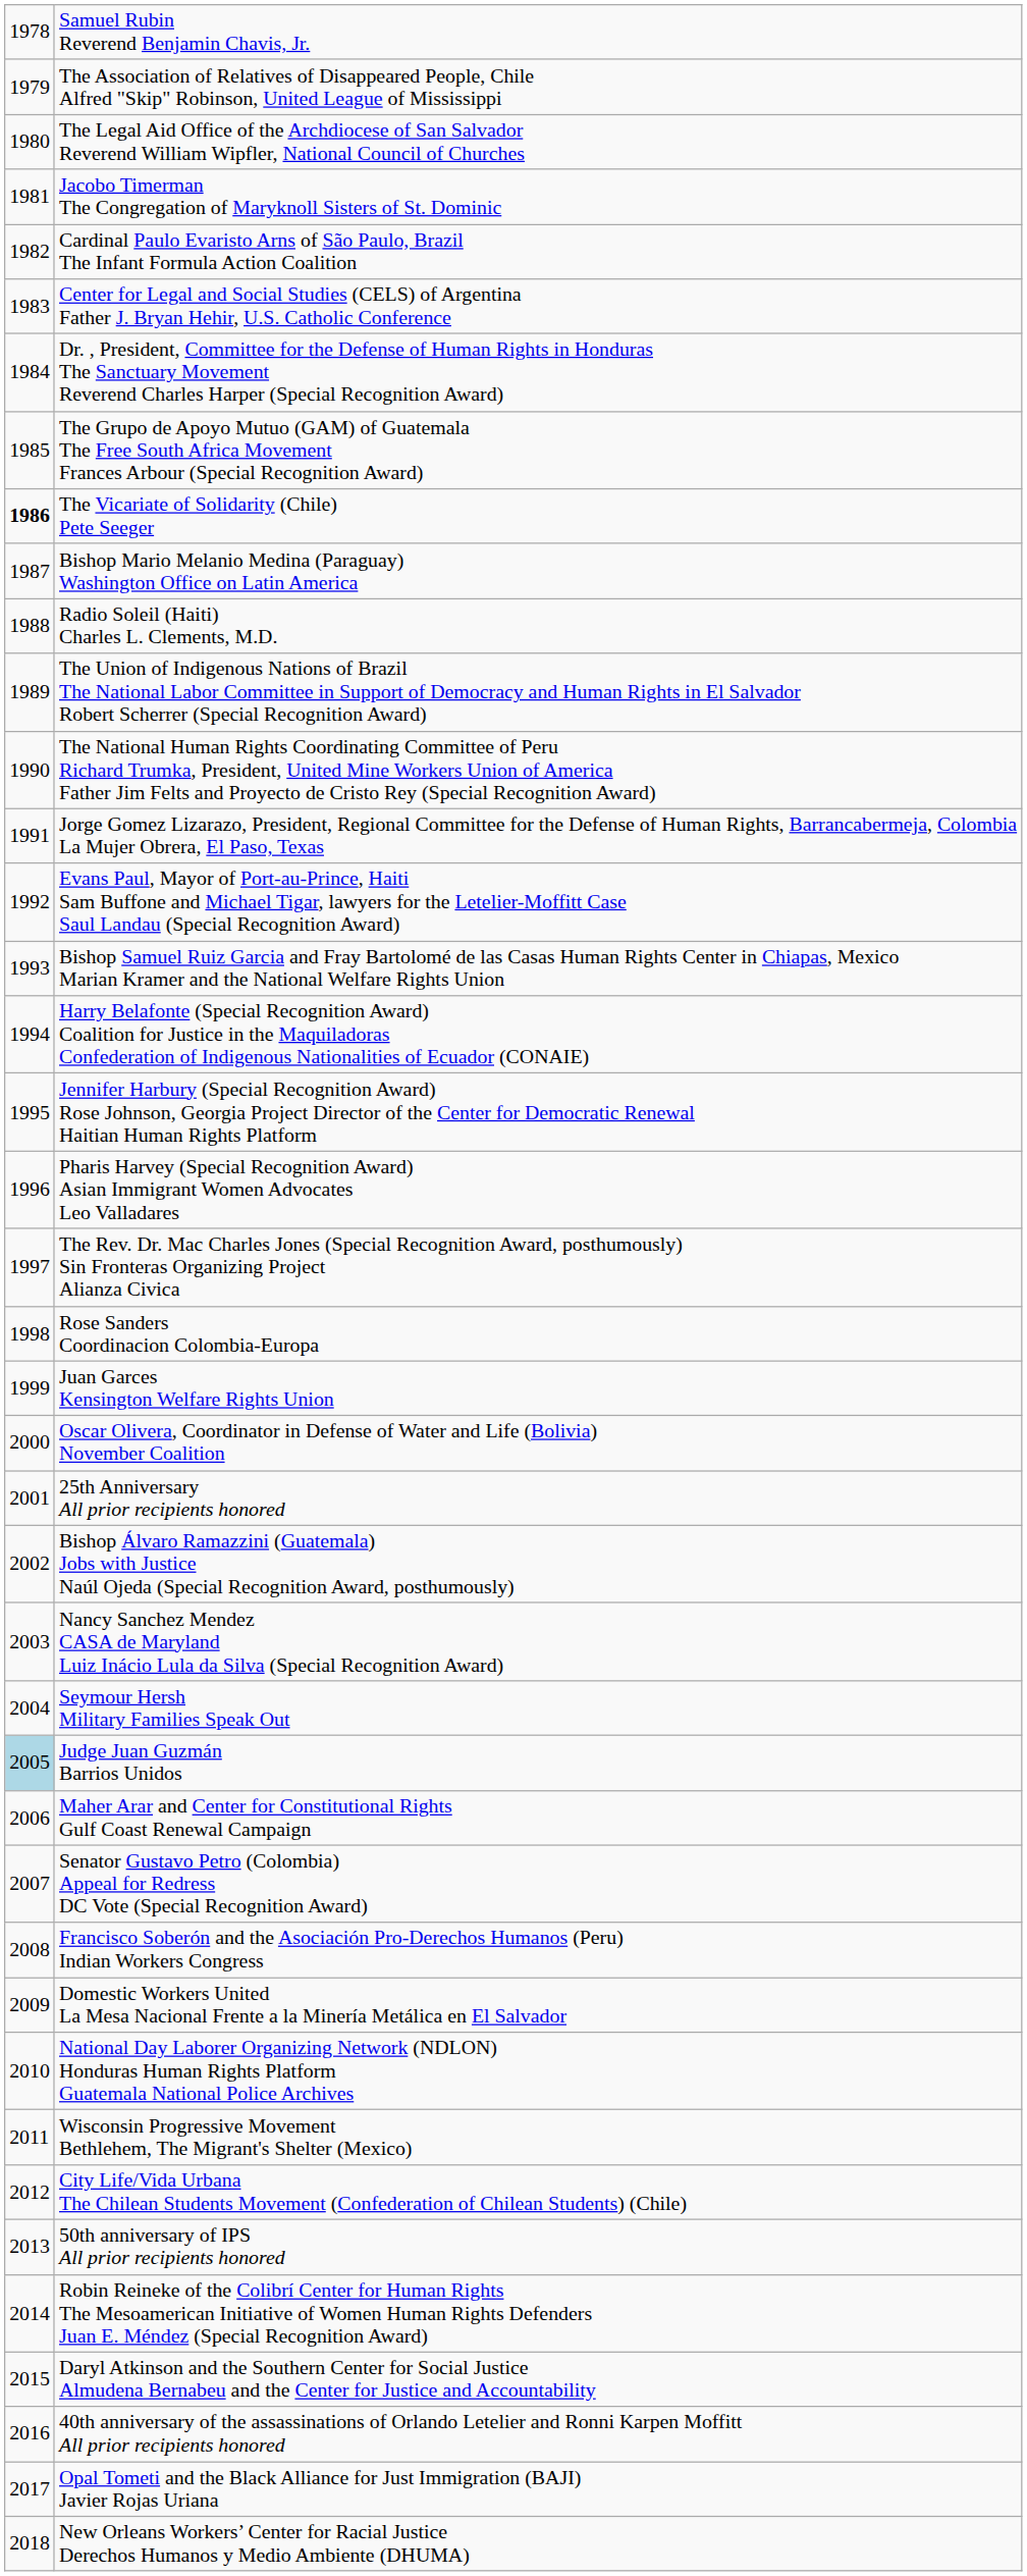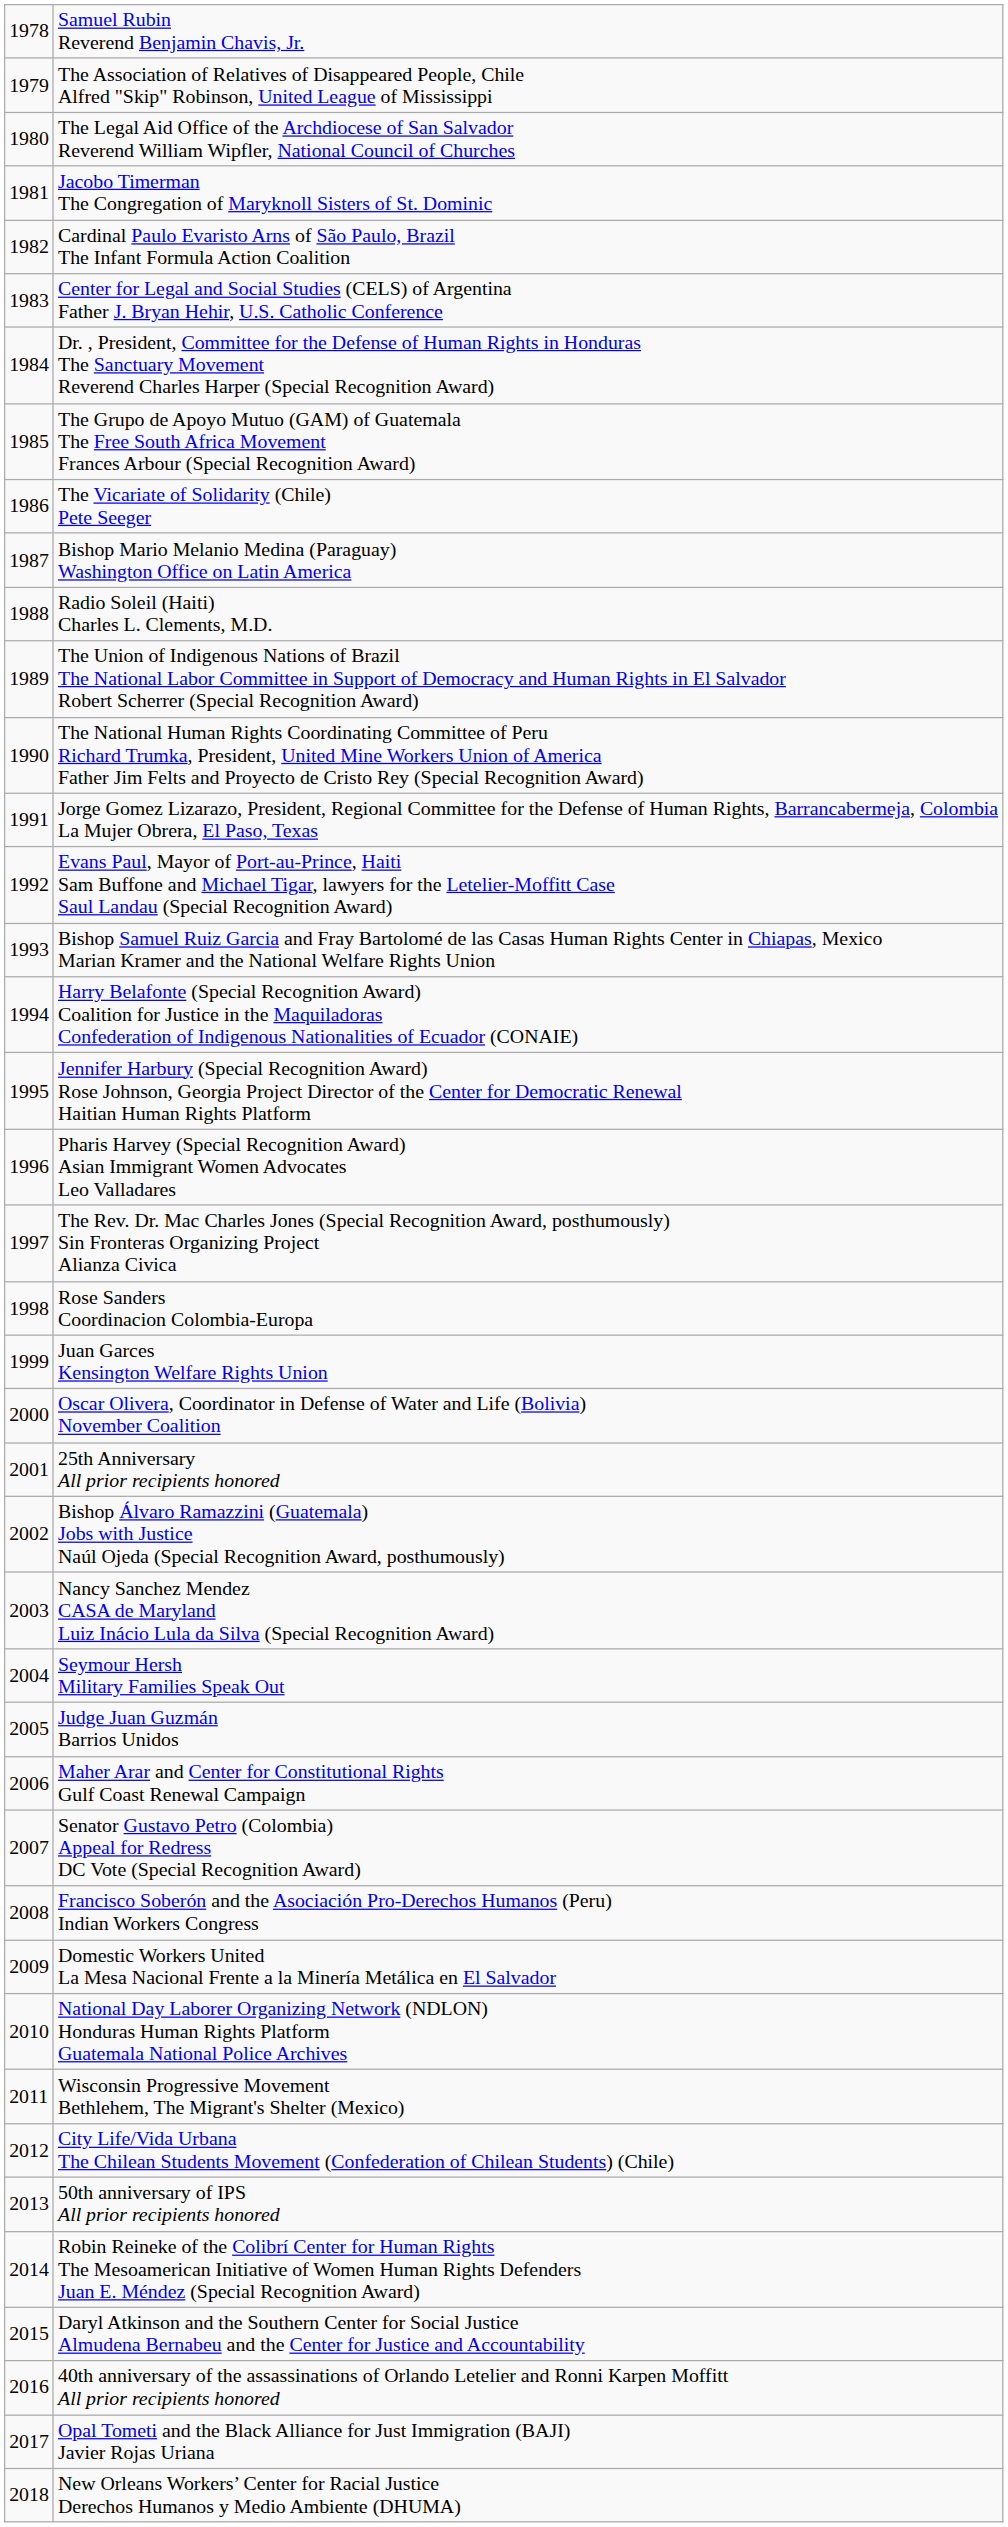 <table class="wikitable" border="1">
 <tr>
 <td>1978</td>
 <td><a href='#'>Samuel Rubin</a><br>Reverend <a href='#'>Benjamin Chavis, Jr.</a></td>
 </tr>
 <tr>
 <td>1979</td>
 <td>The Association of Relatives of Disappeared People, Chile<br>Alfred "Skip" Robinson, <a href='#'>United League</a> of Mississippi</td>
 </tr>
 <tr>
 <td>1980</td>
 <td>The Legal Aid Office of the <a href='#'>Archdiocese of San Salvador</a><br>Reverend William Wipfler, <a href='#'>National Council of Churches</a></td>
 </tr>
 <tr>
 <td>1981</td>
 <td><a href='#'>Jacobo Timerman</a><br>The Congregation of <a href='#'>Maryknoll Sisters of St. Dominic</a></td>
 </tr>
 <tr>
 <td>1982</td>
 <td>Cardinal <a href='#'>Paulo Evaristo Arns</a> of <a href='#'>São Paulo, Brazil</a><br>The Infant Formula Action Coalition</td>
 </tr>
 <tr>
 <td>1983</td>
 <td><a href='#'>Center for Legal and Social Studies</a>  (CELS) of Argentina<br>Father <a href='#'>J. Bryan Hehir</a>, <a href='#'>U.S. Catholic Conference</a></td>
 </tr>
 <tr>
 <td>1984</td>
 <td>Dr. , President, <a href='#'>Committee for the Defense of Human Rights in Honduras</a><br>The <a href='#'>Sanctuary Movement</a><br>Reverend Charles Harper (Special Recognition Award)</td>
 </tr>
 <tr>
 <td>1985</td>
 <td>The Grupo de Apoyo Mutuo (GAM) of Guatemala<br>The <a href='#'>Free South Africa Movement</a><br>Frances Arbour (Special Recognition Award)</td>
 </tr>
 <tr>
-<td><strong>1986</strong></td>
+<td>1986</td>
 <td>The <a href='#'>Vicariate of Solidarity</a> (Chile)<br><a href='#'>Pete Seeger</a></td>
 </tr>
 <tr>
 <td>1987</td>
 <td>Bishop Mario Melanio Medina (Paraguay)<br><a href='#'>Washington Office on Latin America</a></td>
 </tr>
 <tr>
 <td>1988</td>
 <td>Radio Soleil (Haiti)<br>Charles L. Clements, M.D.</td>
 </tr>
 <tr>
 <td>1989</td>
 <td>The Union of Indigenous Nations of Brazil<br><a href='#'>The National Labor Committee in Support of Democracy and Human Rights in El Salvador</a><br>Robert Scherrer (Special Recognition Award)</td>
 </tr>
 <tr>
 <td>1990</td>
 <td>The National Human Rights Coordinating Committee of Peru<br><a href='#'>Richard Trumka</a>, President, <a href='#'>United Mine Workers Union of America</a><br>Father Jim Felts and Proyecto de Cristo Rey (Special Recognition Award)</td>
 </tr>
 <tr>
 <td>1991</td>
 <td>Jorge Gomez Lizarazo, President, Regional Committee for the Defense of Human Rights, <a href='#'>Barrancabermeja</a>, <a href='#'>Colombia</a><br>La Mujer Obrera, <a href='#'>El Paso, Texas</a></td>
 </tr>
 <tr>
 <td>1992</td>
 <td><a href='#'>Evans Paul</a>, Mayor of <a href='#'>Port-au-Prince</a>, <a href='#'>Haiti</a><br>Sam Buffone and <a href='#'>Michael Tigar</a>, lawyers for the <a href='#'>Letelier-Moffitt Case</a><br><a href='#'>Saul Landau</a> (Special Recognition Award)</td>
 </tr>
 <tr>
 <td>1993</td>
 <td>Bishop <a href='#'>Samuel Ruiz Garcia</a> and Fray Bartolomé de las Casas Human Rights Center in <a href='#'>Chiapas</a>, Mexico<br>Marian Kramer and the National Welfare Rights Union</td>
 </tr>
 <tr>
 <td>1994</td>
 <td><a href='#'>Harry Belafonte</a> (Special Recognition Award)<br>Coalition for Justice in the <a href='#'>Maquiladoras</a><br><a href='#'>Confederation of Indigenous Nationalities of Ecuador</a> (CONAIE)</td>
 </tr>
 <tr>
 <td>1995</td>
 <td><a href='#'>Jennifer Harbury</a> (Special Recognition Award)<br>Rose Johnson, Georgia Project Director of the <a href='#'>Center for Democratic Renewal</a><br>Haitian Human Rights Platform</td>
 </tr>
 <tr>
 <td>1996</td>
 <td>Pharis Harvey (Special Recognition Award)<br>Asian Immigrant Women Advocates<br>Leo Valladares</td>
 </tr>
 <tr>
 <td>1997</td>
 <td>The Rev. Dr. Mac Charles Jones (Special Recognition Award, posthumously)<br>Sin Fronteras Organizing Project<br>Alianza Civica</td>
 </tr>
 <tr>
 <td>1998</td>
 <td>Rose Sanders<br>Coordinacion Colombia-Europa</td>
 </tr>
 <tr>
 <td>1999</td>
 <td>Juan Garces<br><a href='#'>Kensington Welfare Rights Union</a></td>
 </tr>
 <tr>
 <td>2000</td>
 <td><a href='#'>Oscar Olivera</a>, Coordinator in Defense of Water and Life (<a href='#'>Bolivia</a>)<br><a href='#'>November Coalition</a></td>
 </tr>
 <tr>
 <td>2001</td>
 <td>25th Anniversary<br><em>All prior recipients honored </em></td>
 </tr>
 <tr>
 <td>2002</td>
 <td>Bishop <a href='#'>Álvaro Ramazzini</a> (<a href='#'>Guatemala</a>)<br><a href='#'>Jobs with Justice</a><br>Naúl Ojeda (Special Recognition Award, posthumously)</td>
 </tr>
 <tr>
 <td>2003</td>
 <td>Nancy Sanchez Mendez<br><a href='#'>CASA de Maryland</a><br><a href='#'>Luiz Inácio Lula da Silva</a> (Special Recognition Award)</td>
 </tr>
 <tr>
 <td>2004</td>
 <td><a href='#'>Seymour Hersh</a><br><a href='#'>Military Families Speak Out</a></td>
 </tr>
 <tr>
-<td style="background: lightblue;">2005</td>
+<td>2005</td>
 <td><a href='#'>Judge Juan Guzmán</a><br>Barrios Unidos</td>
 </tr>
 <tr>
 <td>2006</td>
 <td><a href='#'>Maher Arar</a> and <a href='#'>Center for Constitutional Rights</a><br>Gulf Coast Renewal Campaign</td>
 </tr>
 <tr>
 <td>2007</td>
 <td>Senator <a href='#'>Gustavo Petro</a> (Colombia)<br><a href='#'>Appeal for Redress</a><br>DC Vote (Special Recognition Award)</td>
 </tr>
 <tr>
 <td>2008</td>
 <td><a href='#'>Francisco Soberón</a> and the <a href='#'>Asociación Pro-Derechos Humanos</a> (Peru)<br>Indian Workers Congress</td>
 </tr>
 <tr>
 <td>2009</td>
 <td>Domestic Workers United<br>La Mesa Nacional Frente a la Minería Metálica en <a href='#'>El Salvador</a></td>
 </tr>
 <tr>
 <td>2010</td>
 <td><a href='#'>National Day Laborer Organizing Network</a> (NDLON)<br>Honduras Human Rights Platform<br><a href='#'>Guatemala National Police Archives</a></td>
 </tr>
 <tr>
 <td>2011</td>
 <td>Wisconsin Progressive Movement<br>Bethlehem, The Migrant's Shelter (Mexico)</td>
 </tr>
 <tr>
 <td>2012</td>
 <td><a href='#'>City Life/Vida Urbana</a><br><a href='#'>The Chilean Students Movement</a> (<a href='#'>Confederation of Chilean Students</a>) (Chile)</td>
 </tr>
 <tr>
 <td>2013</td>
 <td>50th anniversary of IPS<br><em>All prior recipients honored</em></td>
 </tr>
 <tr>
 <td>2014</td>
 <td>Robin Reineke of the <a href='#'>Colibrí Center for Human Rights</a><br>The Mesoamerican Initiative of Women Human Rights Defenders<br><a href='#'>Juan E. Méndez</a> (Special Recognition Award)</td>
 </tr>
 <tr>
 <td>2015</td>
 <td>Daryl Atkinson and the Southern Center for Social Justice<br><a href='#'>Almudena Bernabeu</a> and the <a href='#'>Center for Justice and Accountability</a></td>
 </tr>
 <tr>
 <td>2016</td>
 <td>40th anniversary of the assassinations of Orlando Letelier and Ronni Karpen Moffitt<br><em>All prior recipients honored</em></td>
 </tr>
 <tr>
 <td>2017</td>
 <td><a href='#'>Opal Tometi</a> and the Black Alliance for Just Immigration (BAJI)<br>Javier Rojas Uriana</td>
 </tr>
 <tr>
 <td>2018</td>
 <td>New Orleans Workers’ Center for Racial Justice<br>Derechos Humanos y Medio Ambiente (DHUMA)</td>
 </tr>
 </table>
